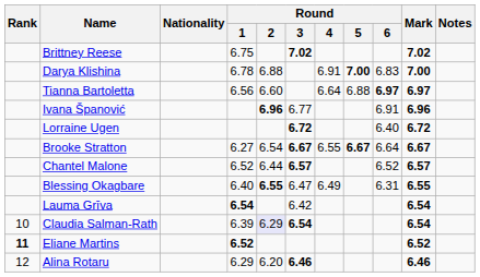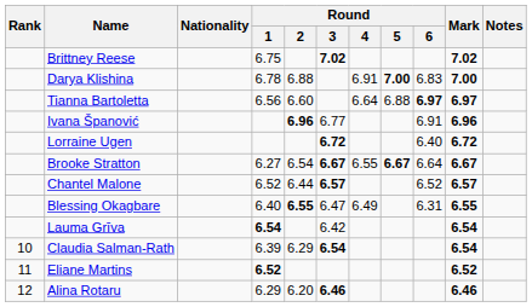 <table class="wikitable sortable" style="text-align:center">
 <tr>
 <th rowspan=2>Rank</th>
 <th rowspan=2>Name</th>
 <th rowspan=2>Nationality</th>
 <th colspan=6>Round</th>
 <th rowspan=2>Mark</th>
 <th rowspan=2>Notes</th>
 </tr>
 <tr>
 <th>1</th>
 <th>2</th>
 <th>3</th>
 <th>4</th>
 <th>5</th>
 <th>6</th>
 </tr>
 <tr>
 <td></td>
 <td style="text-align:left;"><a href='#'>Brittney Reese</a></td>
 <td style="text-align:left;"></td>
 <td>6.75</td>
 <td></td>
 <td><strong>7.02</strong></td>
 <td></td>
 <td></td>
 <td></td>
 <td><strong>7.02</strong></td>
 <td></td>
 </tr>
 <tr>
 <td></td>
 <td style="text-align:left;"><a href='#'>Darya Klishina</a></td>
 <td style="text-align:left;"></td>
 <td>6.78</td>
 <td>6.88</td>
 <td></td>
 <td>6.91</td>
 <td><strong>7.00</strong></td>
 <td>6.83</td>
 <td><strong>7.00</strong></td>
 <td></td>
 </tr>
 <tr>
 <td></td>
 <td style="text-align:left;"><a href='#'>Tianna Bartoletta</a></td>
 <td style="text-align:left;"></td>
 <td>6.56</td>
 <td>6.60</td>
 <td></td>
 <td>6.64</td>
 <td>6.88</td>
 <td><strong>6.97</strong></td>
 <td><strong>6.97</strong></td>
 <td></td>
 </tr>
 <tr>
 <td></td>
 <td style="text-align:left;"><a href='#'>Ivana Španović</a></td>
 <td style="text-align:left;"></td>
 <td></td>
 <td><strong>6.96</strong></td>
 <td>6.77</td>
 <td></td>
 <td></td>
 <td>6.91</td>
 <td><strong>6.96</strong></td>
 <td></td>
 </tr>
 <tr>
 <td></td>
 <td style="text-align:left;"><a href='#'>Lorraine Ugen</a></td>
 <td style="text-align:left;"></td>
 <td></td>
 <td></td>
 <td><strong>6.72</strong></td>
 <td></td>
 <td></td>
 <td>6.40</td>
 <td><strong>6.72</strong></td>
 <td></td>
 </tr>
 <tr>
 <td></td>
 <td style="text-align:left;"><a href='#'>Brooke Stratton</a></td>
 <td style="text-align:left;"></td>
 <td>6.27</td>
 <td>6.54</td>
 <td><strong>6.67</strong></td>
 <td>6.55</td>
 <td><strong>6.67</strong></td>
 <td>6.64</td>
 <td><strong>6.67</strong></td>
 <td></td>
 </tr>
 <tr>
 <td></td>
 <td style="text-align:left;"><a href='#'>Chantel Malone</a></td>
 <td style="text-align:left;"></td>
 <td>6.52</td>
 <td>6.44</td>
 <td><strong>6.57</strong></td>
 <td></td>
 <td></td>
 <td>6.52</td>
 <td><strong>6.57</strong></td>
 <td></td>
 </tr>
 <tr>
 <td></td>
 <td style="text-align:left;"><a href='#'>Blessing Okagbare</a></td>
 <td style="text-align:left;"></td>
 <td>6.40</td>
 <td><strong>6.55</strong></td>
 <td>6.47</td>
 <td>6.49</td>
 <td></td>
 <td>6.31</td>
 <td><strong>6.55</strong></td>
 <td></td>
 </tr>
 <tr>
 <td></td>
 <td style="text-align:left;"><a href='#'>Lauma Grīva</a></td>
 <td style="text-align:left;"></td>
 <td><strong>6.54</strong></td>
 <td></td>
 <td>6.42</td>
 <td></td>
 <td></td>
 <td></td>
 <td><strong>6.54</strong></td>
 <td></td>
 </tr>
 <tr>
 <td>10</td>
 <td style="text-align:left;"><a href='#'>Claudia Salman-Rath</a></td>
 <td style="text-align:left;"></td>
 <td>6.39</td>
-<td style="background: lavender;">6.29</td>
+<td>6.29</td>
 <td><strong>6.54</strong></td>
 <td></td>
 <td></td>
 <td></td>
 <td><strong>6.54</strong></td>
 <td></td>
 </tr>
 <tr>
-<td><strong>11</strong></td>
+<td>11</td>
 <td style="text-align:left;"><a href='#'>Eliane Martins</a></td>
 <td style="text-align:left;"></td>
 <td><strong>6.52</strong></td>
 <td></td>
 <td></td>
 <td></td>
 <td></td>
 <td></td>
 <td><strong>6.52</strong></td>
 <td></td>
 </tr>
 <tr>
 <td>12</td>
 <td style="text-align:left;"><a href='#'>Alina Rotaru</a></td>
 <td style="text-align:left;"></td>
 <td>6.29</td>
 <td>6.20</td>
 <td><strong>6.46</strong></td>
 <td></td>
 <td></td>
 <td></td>
 <td><strong>6.46</strong></td>
 <td></td>
 </tr>
 </table>
